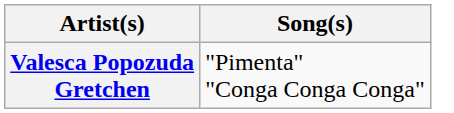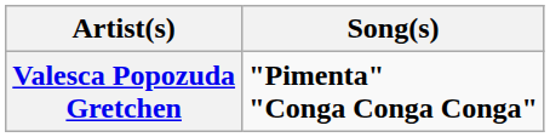 <table class="wikitable plainrowheaders">
 <tr>
 <th scope="col">Artist(s)</th>
 <th scope="col">Song(s)</th>
 </tr>
 <tr>
 <th scope="row"><a href='#'>Valesca Popozuda</a><br><a href='#'>Gretchen</a></th>
-<td>"Pimenta"<br>"Conga Conga Conga"</td>
+<td><strong>"Pimenta"<br>"Conga Conga Conga"</strong></td>
 </tr>
 </table>
